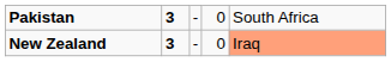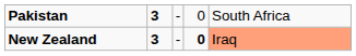 <table class="wikitable">
 <tr>
 <td width=150> <strong>Pakistan</strong></td>
 <td style="width:20px; text-align:left;"><strong>3</strong></td>
 <td>-</td>
 <td style="width:20px; text-align:right;">0</td>
 <td width=150> South Africa</td>
 </tr>
 <tr>
 <td> <strong>New Zealand</strong></td>
 <td style="text-align:left;"><strong>3</strong></td>
 <td>-</td>
-<td style="text-align:right;">0</td>
+<td style="text-align:right;"><strong>0</strong></td>
 <td style="background: lightsalmon;"> Iraq</td>
 </tr>
 </table>
